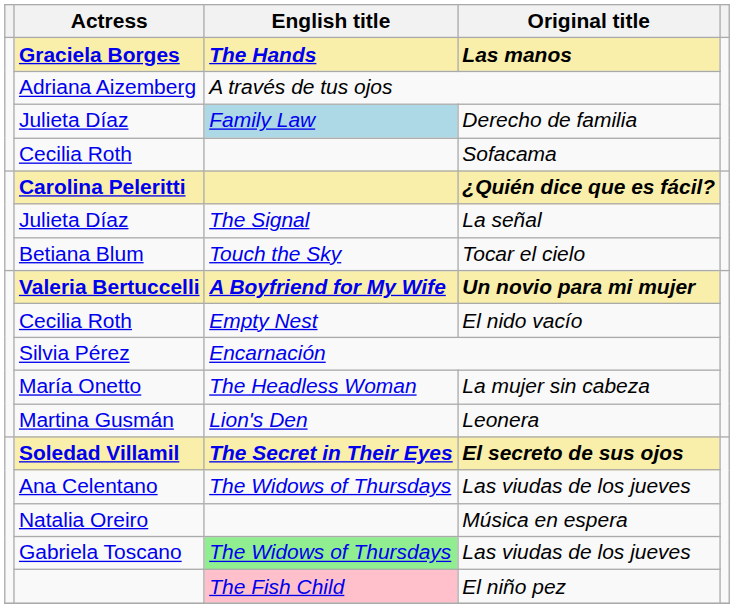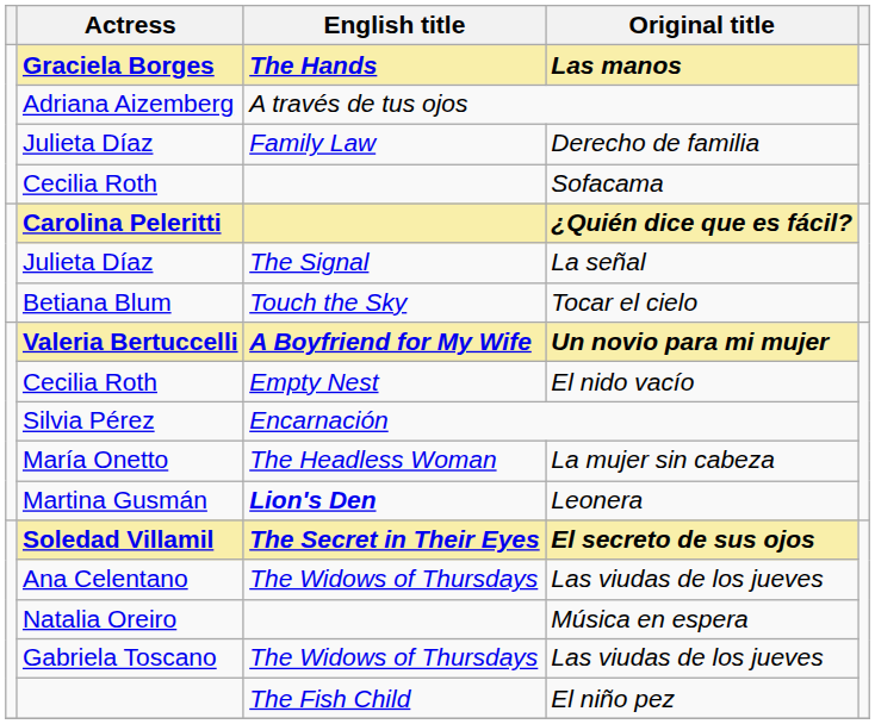 <table class="wikitable sortable" style=" margin-left: auto; margin-right: auto">
 <tr>
 <th></th>
 <th>Actress</th>
 <th class = "unsortable">English title</th>
 <th class = "unsortable">Original title</th>
 <th class = "unsortable" align= "center"></th>
 </tr>
 <tr>
 <td rowspan = "4"></td>
 <td bgcolor = "f9efaa"><strong><a href='#'>Graciela Borges</a> </strong></td>
 <td bgcolor = "f9efaa"><strong><em><a href='#'>The Hands</a></em></strong></td>
 <td bgcolor = "f9efaa"><strong><em>Las manos</em></strong></td>
 <td rowspan = "4"></td>
 </tr>
 <tr>
 <td><a href='#'>Adriana Aizemberg</a></td>
 <td colspan = "2"><em>A través de tus ojos</em></td>
 </tr>
 <tr>
 <td><a href='#'>Julieta Díaz</a></td>
-<td style="background: lightblue;"><em><a href='#'>Family Law</a></em></td>
+<td><em><a href='#'>Family Law</a></em></td>
 <td><em>Derecho de familia</em></td>
 </tr>
 <tr>
 <td><a href='#'>Cecilia Roth</a></td>
 <td><em></em></td>
 <td><em>Sofacama</em></td>
 </tr>
 <tr>
 <td rowspan = "3"></td>
 <td bgcolor = "f9efaa"><strong><a href='#'>Carolina Peleritti</a> </strong></td>
 <td bgcolor = "f9efaa"><strong><em></em></strong></td>
 <td bgcolor = "f9efaa"><strong><em>¿Quién dice que es fácil?</em></strong></td>
 <td rowspan = "3"></td>
 </tr>
 <tr>
 <td><a href='#'>Julieta Díaz</a></td>
 <td><em><a href='#'>The Signal</a></em></td>
 <td><em>La señal</em></td>
 </tr>
 <tr>
 <td><a href='#'>Betiana Blum</a></td>
 <td><em><a href='#'>Touch the Sky</a></em></td>
 <td><em>Tocar el cielo</em></td>
 </tr>
 <tr>
 <td rowspan = "5"></td>
 <td bgcolor = "f9efaa"><strong><a href='#'>Valeria Bertuccelli</a> </strong></td>
 <td bgcolor = "f9efaa"><strong><em><a href='#'>A Boyfriend for My Wife</a></em></strong></td>
 <td bgcolor = "f9efaa"><strong><em>Un novio para mi mujer</em></strong></td>
 <td rowspan = "5"></td>
 </tr>
 <tr>
 <td><a href='#'>Cecilia Roth</a></td>
 <td><em><a href='#'>Empty Nest</a></em></td>
 <td><em>El nido vacío</em></td>
 </tr>
 <tr>
 <td><a href='#'>Silvia Pérez</a></td>
 <td colspan = "2"><em><a href='#'>Encarnación</a></em></td>
 </tr>
 <tr>
 <td><a href='#'>María Onetto</a></td>
 <td><em><a href='#'>The Headless Woman</a></em></td>
 <td><em>La mujer sin cabeza</em></td>
 </tr>
 <tr>
 <td><a href='#'>Martina Gusmán</a></td>
-<td><em><a href='#'>Lion's Den</a></em></td>
+<td><strong><em><a href='#'>Lion's Den</a></em></strong></td>
 <td><em>Leonera</em></td>
 </tr>
 <tr>
 <td rowspan = "5"></td>
 <td bgcolor = "f9efaa"><strong><a href='#'>Soledad Villamil</a> </strong></td>
 <td bgcolor = "f9efaa"><strong><em><a href='#'>The Secret in Their Eyes</a></em></strong></td>
 <td bgcolor = "f9efaa"><strong><em>El secreto de sus ojos</em></strong></td>
 <td rowspan = "5"></td>
 </tr>
 <tr>
 <td><a href='#'>Ana Celentano</a></td>
 <td><em><a href='#'>The Widows of Thursdays</a></em></td>
 <td><em>Las viudas de los jueves</em></td>
 </tr>
 <tr>
 <td><a href='#'>Natalia Oreiro</a></td>
 <td><em></em></td>
 <td><em>Música en espera</em></td>
 </tr>
 <tr>
 <td><a href='#'>Gabriela Toscano</a></td>
-<td style="background: lightgreen;"><em><a href='#'>The Widows of Thursdays</a></em></td>
+<td><em><a href='#'>The Widows of Thursdays</a></em></td>
 <td><em>Las viudas de los jueves</em></td>
 </tr>
 <tr>
 <td></td>
-<td style="background: pink;"><em><a href='#'>The Fish Child</a></em></td>
+<td><em><a href='#'>The Fish Child</a></em></td>
 <td><em>El niño pez</em></td>
 </tr>
 <tr>
 </tr>
 </table>
